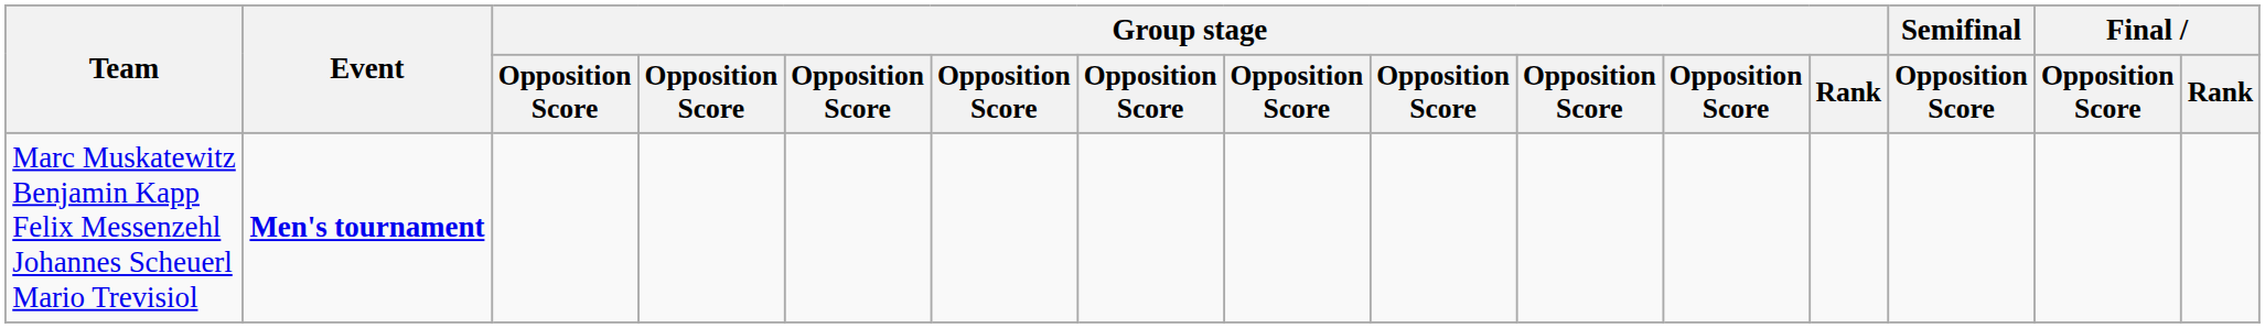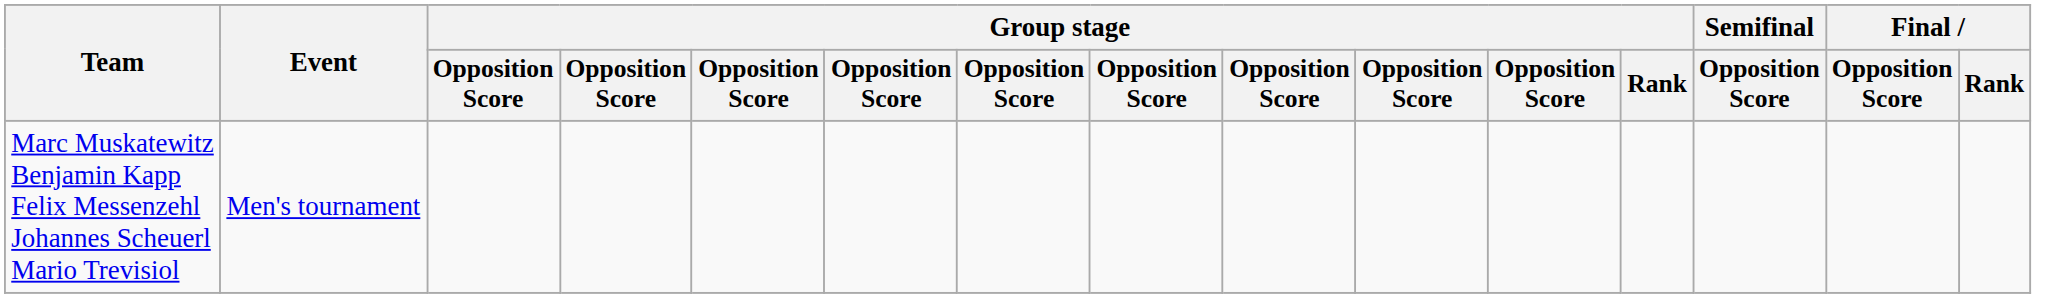 <table class=wikitable style=font-size:90%;text-align:center>
 <tr>
 <th rowspan=2>Team</th>
 <th rowspan=2>Event</th>
 <th colspan=10>Group stage</th>
 <th>Semifinal</th>
 <th colspan=2>Final / </th>
 </tr>
 <tr style="font-size:95%">
 <th>Opposition<br>Score</th>
 <th>Opposition<br>Score</th>
 <th>Opposition<br>Score</th>
 <th>Opposition<br>Score</th>
 <th>Opposition<br>Score</th>
 <th>Opposition<br>Score</th>
 <th>Opposition<br>Score</th>
 <th>Opposition<br>Score</th>
 <th>Opposition<br>Score</th>
 <th>Rank</th>
 <th>Opposition<br>Score</th>
 <th>Opposition<br>Score</th>
 <th>Rank</th>
 </tr>
 <tr>
 <td align=left><a href='#'>Marc Muskatewitz</a><br><a href='#'>Benjamin Kapp</a><br><a href='#'>Felix Messenzehl</a><br><a href='#'>Johannes Scheuerl</a><br><a href='#'>Mario Trevisiol</a></td>
-<td align=left><strong><a href='#'>Men's tournament</a></strong></td>
+<td align=left><a href='#'>Men's tournament</a></td>
 <td><br></td>
 <td><br></td>
 <td><br></td>
 <td><br></td>
 <td><br></td>
 <td><br></td>
 <td><br></td>
 <td></td>
 <td></td>
 <td></td>
 <td></td>
 <td></td>
 <td></td>
 </tr>
 </table>
